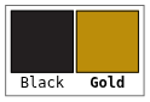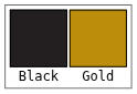 <table style="float:right; border:1px solid #666; padding:2px;">
 <tr>
 <td style="background:#231F20; width:50px; height:50px; padding:2px; border:1px solid #000000;"> </td>
 <td style="background:#BB8D0A; width:50px; height:50px; padding:2px; border:1px solid #000000;"> </td>
 </tr>
 <tr style="line-height:90%; text-align:center;">
 <td>Black</td>
-<td><strong>Gold</strong></td>
+<td>Gold</td>
 </tr>
 </table>
